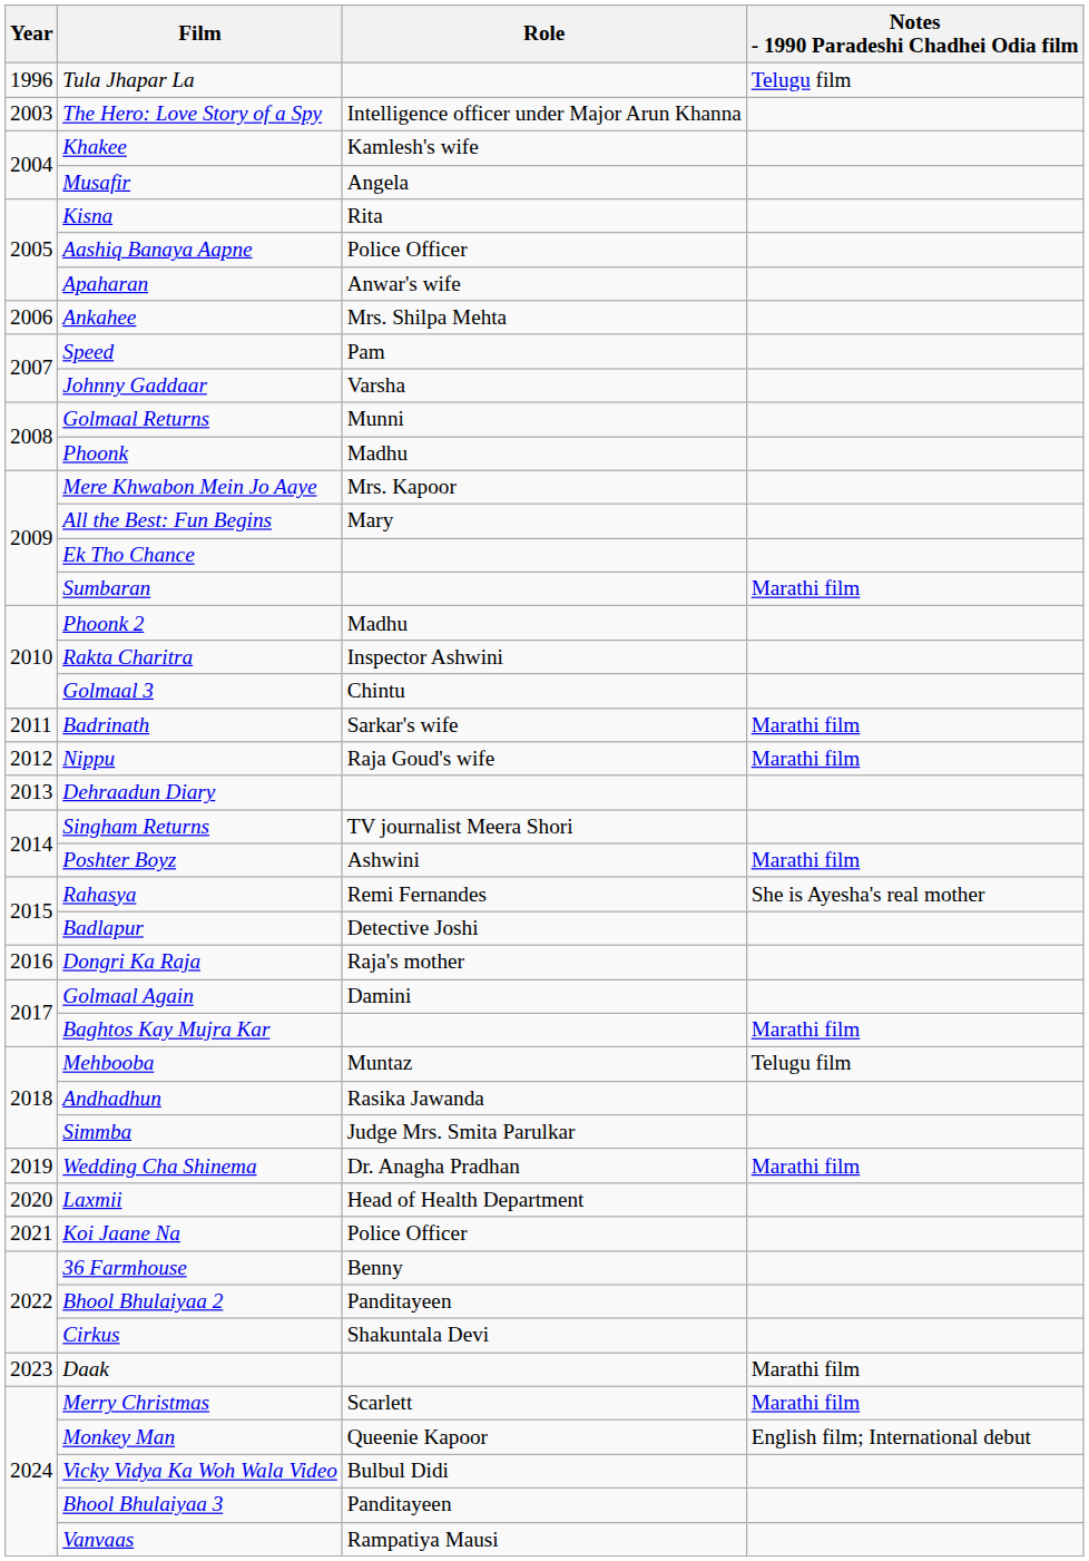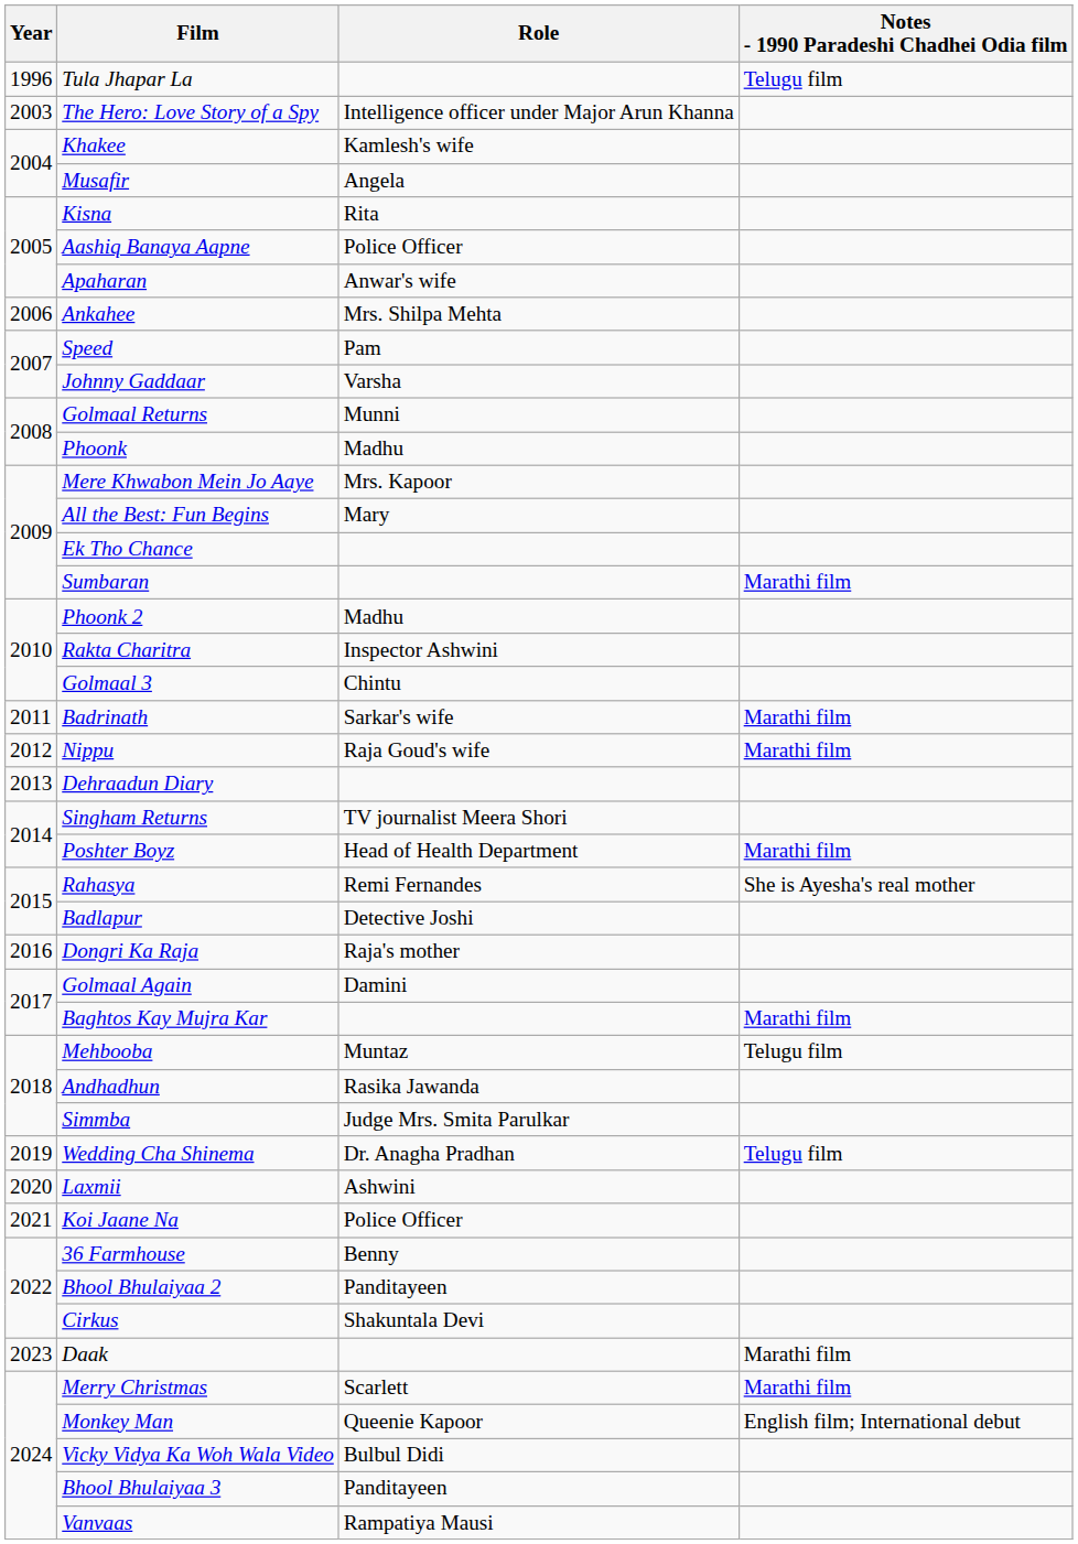 <table class="wikitable">
 <tr>
 <th>Year</th>
 <th>Film</th>
 <th>Role</th>
 <th>Notes<br>- 1990 Paradeshi Chadhei Odia film</th>
 </tr>
 <tr>
 <td>1996</td>
 <td><em>Tula Jhapar La</em></td>
 <td></td>
 <td><a href='#'>Telugu</a> film</td>
 </tr>
 <tr>
 <td>2003</td>
 <td><em><a href='#'>The Hero: Love Story of a Spy</a></em></td>
 <td>Intelligence officer under Major Arun Khanna</td>
 <td></td>
 </tr>
 <tr>
 <td rowspan="2">2004</td>
 <td><em><a href='#'>Khakee</a></em></td>
 <td>Kamlesh's wife</td>
 <td></td>
 </tr>
 <tr>
 <td><em><a href='#'>Musafir</a></em></td>
 <td>Angela</td>
 <td></td>
 </tr>
 <tr>
 <td rowspan="3">2005</td>
 <td><em><a href='#'>Kisna</a></em></td>
 <td>Rita</td>
 <td></td>
 </tr>
 <tr>
 <td><em><a href='#'>Aashiq Banaya Aapne</a></em></td>
 <td>Police Officer</td>
 <td></td>
 </tr>
 <tr>
 <td><em><a href='#'>Apaharan</a></em></td>
 <td>Anwar's wife</td>
 <td></td>
 </tr>
 <tr>
 <td>2006</td>
 <td><em><a href='#'>Ankahee</a></em></td>
 <td>Mrs. Shilpa Mehta</td>
 <td></td>
 </tr>
 <tr>
 <td rowspan="2">2007</td>
 <td><em><a href='#'>Speed</a></em></td>
 <td>Pam</td>
 <td></td>
 </tr>
 <tr>
 <td><em><a href='#'>Johnny Gaddaar</a></em></td>
 <td>Varsha</td>
 <td></td>
 </tr>
 <tr>
 <td rowspan="2">2008</td>
 <td><em><a href='#'>Golmaal Returns</a></em></td>
 <td>Munni</td>
 <td></td>
 </tr>
 <tr>
 <td><em><a href='#'>Phoonk</a></em></td>
 <td>Madhu</td>
 <td></td>
 </tr>
 <tr>
 <td rowspan="4">2009</td>
 <td><em><a href='#'>Mere Khwabon Mein Jo Aaye</a></em></td>
 <td>Mrs. Kapoor</td>
 <td></td>
 </tr>
 <tr>
 <td><em><a href='#'>All the Best: Fun Begins</a></em></td>
 <td>Mary</td>
 <td></td>
 </tr>
 <tr>
 <td><em><a href='#'>Ek Tho Chance</a></em></td>
 <td></td>
 <td></td>
 </tr>
 <tr>
 <td><em><a href='#'>Sumbaran</a></em></td>
 <td></td>
 <td><a href='#'>Marathi film</a></td>
 </tr>
 <tr>
 <td rowspan="3">2010</td>
 <td><em><a href='#'>Phoonk 2</a></em></td>
 <td>Madhu</td>
 <td></td>
 </tr>
 <tr>
 <td><em><a href='#'>Rakta Charitra</a></em></td>
 <td>Inspector Ashwini</td>
 <td></td>
 </tr>
 <tr>
 <td><em><a href='#'>Golmaal 3</a></em></td>
 <td>Chintu</td>
 <td></td>
 </tr>
 <tr>
 <td>2011</td>
 <td><em><a href='#'>Badrinath</a></em></td>
 <td>Sarkar's wife</td>
 <td><a href='#'>Marathi film</a></td>
 </tr>
 <tr>
 <td>2012</td>
 <td><em><a href='#'>Nippu</a></em></td>
 <td>Raja Goud's wife</td>
 <td><a href='#'>Marathi film</a></td>
 </tr>
 <tr>
 <td>2013</td>
 <td><em><a href='#'>Dehraadun Diary</a></em></td>
 <td></td>
 <td></td>
 </tr>
 <tr>
 <td rowspan="2">2014</td>
 <td><em><a href='#'>Singham Returns</a></em></td>
 <td>TV journalist Meera Shori</td>
 <td></td>
 </tr>
 <tr>
 <td><em><a href='#'>Poshter Boyz</a></em></td>
-<td>Ashwini</td>
+<td>Head of Health Department</td>
 <td><a href='#'>Marathi film</a></td>
 </tr>
 <tr>
 <td rowspan="2">2015</td>
 <td><em><a href='#'>Rahasya</a></em></td>
 <td>Remi Fernandes</td>
 <td>She is Ayesha's real mother</td>
 </tr>
 <tr>
 <td><em><a href='#'>Badlapur</a></em></td>
 <td>Detective Joshi</td>
 <td></td>
 </tr>
 <tr>
 <td>2016</td>
 <td><em><a href='#'>Dongri Ka Raja</a></em></td>
 <td>Raja's mother</td>
 <td></td>
 </tr>
 <tr>
 <td rowspan="2">2017</td>
 <td><em><a href='#'>Golmaal Again</a></em></td>
 <td>Damini</td>
 <td></td>
 </tr>
 <tr>
 <td><em><a href='#'>Baghtos Kay Mujra Kar</a></em></td>
 <td></td>
 <td><a href='#'>Marathi film</a></td>
 </tr>
 <tr>
 <td rowspan="3">2018</td>
 <td><a href='#'><em>Mehbooba</em></a></td>
 <td>Muntaz</td>
 <td>Telugu film</td>
 </tr>
 <tr>
 <td><em><a href='#'>Andhadhun</a></em></td>
 <td>Rasika Jawanda</td>
 <td></td>
 </tr>
 <tr>
 <td><em><a href='#'>Simmba</a></em></td>
 <td>Judge Mrs. Smita Parulkar</td>
 <td></td>
 </tr>
 <tr>
 <td>2019</td>
 <td><em><a href='#'>Wedding Cha Shinema</a></em></td>
 <td>Dr. Anagha Pradhan</td>
-<td><a href='#'>Marathi film</a></td>
+<td><a href='#'>Telugu</a> film</td>
 </tr>
 <tr>
 <td>2020</td>
 <td><em><a href='#'>Laxmii</a></em></td>
-<td>Head of Health Department</td>
+<td>Ashwini</td>
 <td></td>
 </tr>
 <tr>
 <td>2021</td>
 <td><em><a href='#'>Koi Jaane Na</a></em></td>
 <td>Police Officer</td>
 <td></td>
 </tr>
 <tr>
 <td rowspan=3>2022</td>
 <td><em><a href='#'>36 Farmhouse</a></em></td>
 <td>Benny</td>
 <td></td>
 </tr>
 <tr>
 <td><em><a href='#'>Bhool Bhulaiyaa 2</a></em></td>
 <td>Panditayeen</td>
 <td></td>
 </tr>
 <tr>
 <td><em><a href='#'>Cirkus</a></em></td>
 <td>Shakuntala Devi</td>
 <td></td>
 </tr>
 <tr>
 <td>2023</td>
 <td><em>Daak</em></td>
 <td></td>
 <td>Marathi film</td>
 </tr>
 <tr>
 <td rowspan="5">2024</td>
 <td><em><a href='#'>Merry Christmas</a></em></td>
 <td>Scarlett</td>
 <td><a href='#'>Marathi film</a></td>
 </tr>
 <tr>
 <td><em><a href='#'>Monkey Man</a></em></td>
 <td>Queenie Kapoor</td>
 <td>English film; International debut</td>
 </tr>
 <tr>
 <td><em><a href='#'>Vicky Vidya Ka Woh Wala Video</a></em></td>
 <td>Bulbul Didi</td>
 <td></td>
 </tr>
 <tr>
 <td><em><a href='#'>Bhool Bhulaiyaa 3</a></em></td>
 <td>Panditayeen</td>
 <td></td>
 </tr>
 <tr>
 <td><em><a href='#'>Vanvaas</a></em></td>
 <td>Rampatiya Mausi</td>
 <td></td>
 </tr>
 </table>
